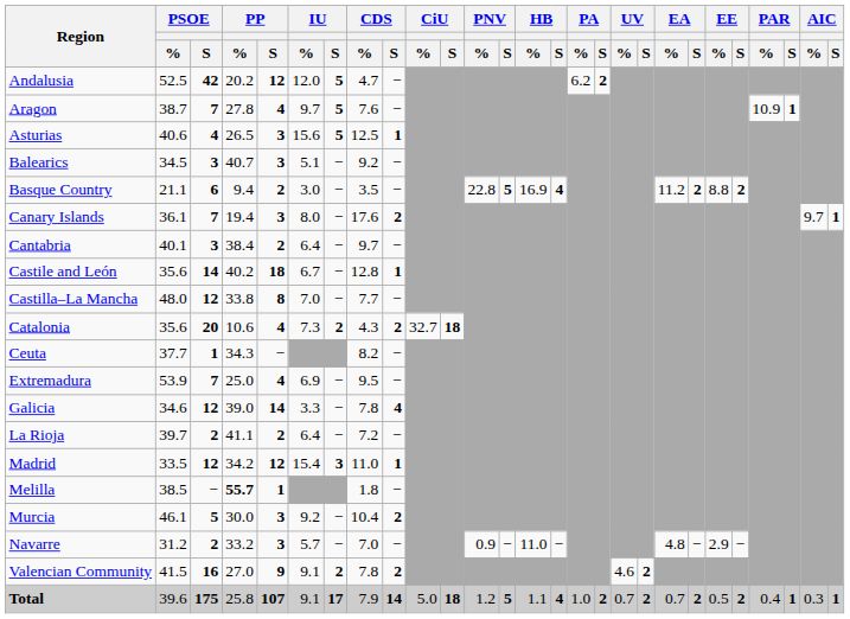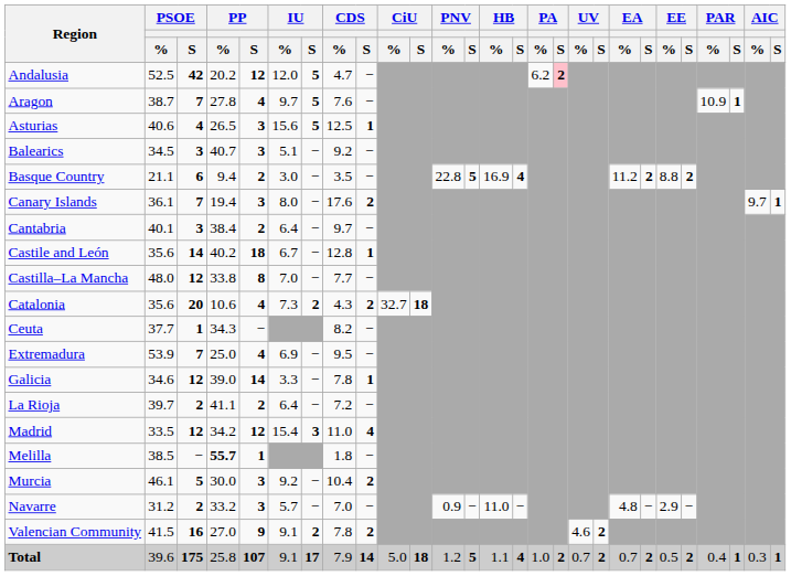 <table class="wikitable sortable" style="text-align:right; line-height:20px;">
 <tr>
 <th rowspan="3">Region</th>
 <th colspan="2" width="30px" class="unsortable"><a href='#'>PSOE</a></th>
 <th colspan="2" width="30px" class="unsortable"><a href='#'>PP</a></th>
 <th colspan="2" width="30px" class="unsortable"><a href='#'>IU</a></th>
 <th colspan="2" width="30px" class="unsortable"><a href='#'>CDS</a></th>
 <th colspan="2" width="30px" class="unsortable"><a href='#'>CiU</a></th>
 <th colspan="2" width="30px" class="unsortable"><a href='#'>PNV</a></th>
 <th colspan="2" width="30px" class="unsortable"><a href='#'>HB</a></th>
 <th colspan="2" width="30px" class="unsortable"><a href='#'>PA</a></th>
 <th colspan="2" width="30px" class="unsortable"><a href='#'>UV</a></th>
 <th colspan="2" width="30px" class="unsortable"><a href='#'>EA</a></th>
 <th colspan="2" width="30px" class="unsortable"><a href='#'>EE</a></th>
 <th colspan="2" width="30px" class="unsortable"><a href='#'>PAR</a></th>
 <th colspan="2" width="30px" class="unsortable"><a href='#'>AIC</a></th>
 </tr>
 <tr>
 <th colspan="2" style="background:"></th>
 <th colspan="2" style="background:"></th>
 <th colspan="2" style="background:"></th>
 <th colspan="2" style="background:"></th>
 <th colspan="2" style="background:"></th>
 <th colspan="2" style="background:"></th>
 <th colspan="2" style="background:"></th>
 <th colspan="2" style="background:"></th>
 <th colspan="2" style="background:"></th>
 <th colspan="2" style="background:"></th>
 <th colspan="2" style="background:"></th>
 <th colspan="2" style="background:"></th>
 <th colspan="2" style="background:"></th>
 </tr>
 <tr>
 <th data-sort-type="number">%</th>
 <th data-sort-type="number">S</th>
 <th data-sort-type="number">%</th>
 <th data-sort-type="number">S</th>
 <th data-sort-type="number">%</th>
 <th data-sort-type="number">S</th>
 <th data-sort-type="number">%</th>
 <th data-sort-type="number">S</th>
 <th data-sort-type="number">%</th>
 <th data-sort-type="number">S</th>
 <th data-sort-type="number">%</th>
 <th data-sort-type="number">S</th>
 <th data-sort-type="number">%</th>
 <th data-sort-type="number">S</th>
 <th data-sort-type="number">%</th>
 <th data-sort-type="number">S</th>
 <th data-sort-type="number">%</th>
 <th data-sort-type="number">S</th>
 <th data-sort-type="number">%</th>
 <th data-sort-type="number">S</th>
 <th data-sort-type="number">%</th>
 <th data-sort-type="number">S</th>
 <th data-sort-type="number">%</th>
 <th data-sort-type="number">S</th>
 <th data-sort-type="number">%</th>
 <th data-sort-type="number">S</th>
 </tr>
 <tr>
 <td align="left"><a href='#'>Andalusia</a></td>
 <td style="background:">52.5</td>
 <td><strong>42</strong></td>
 <td>20.2</td>
 <td><strong>12</strong></td>
 <td>12.0</td>
 <td><strong>5</strong></td>
 <td>4.7</td>
 <td>−</td>
 <td colspan="2" rowspan="9" bgcolor="#AAAAAA"></td>
 <td colspan="2" rowspan="4" bgcolor="#AAAAAA"></td>
 <td colspan="2" rowspan="4" bgcolor="#AAAAAA"></td>
 <td>6.2</td>
-<td><strong>2</strong></td>
+<td style="background: pink;"><strong>2</strong></td>
 <td colspan="2" rowspan="18" bgcolor="#AAAAAA"></td>
 <td colspan="2" rowspan="4" bgcolor="#AAAAAA"></td>
 <td colspan="2" rowspan="4" bgcolor="#AAAAAA"></td>
 <td colspan="2" bgcolor="#AAAAAA"></td>
 <td colspan="2" rowspan="5" bgcolor="#AAAAAA"></td>
 </tr>
 <tr>
 <td align="left"><a href='#'>Aragon</a></td>
 <td style="background:">38.7</td>
 <td><strong>7</strong></td>
 <td>27.8</td>
 <td><strong>4</strong></td>
 <td>9.7</td>
 <td><strong>5</strong></td>
 <td>7.6</td>
 <td>−</td>
 <td colspan="2" rowspan="18" bgcolor="#AAAAAA"></td>
 <td>10.9</td>
 <td><strong>1</strong></td>
 </tr>
 <tr>
 <td align="left"><a href='#'>Asturias</a></td>
 <td style="background:">40.6</td>
 <td><strong>4</strong></td>
 <td>26.5</td>
 <td><strong>3</strong></td>
 <td>15.6</td>
 <td><strong>5</strong></td>
 <td>12.5</td>
 <td><strong>1</strong></td>
 <td colspan="2" rowspan="17" bgcolor="#AAAAAA"></td>
 </tr>
 <tr>
 <td align="left"><a href='#'>Balearics</a></td>
 <td>34.5</td>
 <td><strong>3</strong></td>
 <td style="background:">40.7</td>
 <td><strong>3</strong></td>
 <td>5.1</td>
 <td>−</td>
 <td>9.2</td>
 <td>−</td>
 </tr>
 <tr>
 <td align="left"><a href='#'>Basque Country</a></td>
 <td>21.1</td>
 <td><strong>6</strong></td>
 <td>9.4</td>
 <td><strong>2</strong></td>
 <td>3.0</td>
 <td>−</td>
 <td>3.5</td>
 <td>−</td>
 <td style="background:">22.8</td>
 <td><strong>5</strong></td>
 <td>16.9</td>
 <td><strong>4</strong></td>
 <td>11.2</td>
 <td><strong>2</strong></td>
 <td>8.8</td>
 <td><strong>2</strong></td>
 </tr>
 <tr>
 <td align="left"><a href='#'>Canary Islands</a></td>
 <td style="background:">36.1</td>
 <td><strong>7</strong></td>
 <td>19.4</td>
 <td><strong>3</strong></td>
 <td>8.0</td>
 <td>−</td>
 <td>17.6</td>
 <td><strong>2</strong></td>
 <td colspan="2" rowspan="12" bgcolor="#AAAAAA"></td>
 <td colspan="2" rowspan="12" bgcolor="#AAAAAA"></td>
 <td colspan="2" rowspan="12" bgcolor="#AAAAAA"></td>
 <td colspan="2" rowspan="12" bgcolor="#AAAAAA"></td>
 <td>9.7</td>
 <td><strong>1</strong></td>
 </tr>
 <tr>
 <td align="left"><a href='#'>Cantabria</a></td>
 <td style="background:">40.1</td>
 <td><strong>3</strong></td>
 <td>38.4</td>
 <td><strong>2</strong></td>
 <td>6.4</td>
 <td>−</td>
 <td>9.7</td>
 <td>−</td>
 <td colspan="2" rowspan="13" bgcolor="#AAAAAA"></td>
 </tr>
 <tr>
 <td align="left"><a href='#'>Castile and León</a></td>
 <td>35.6</td>
 <td><strong>14</strong></td>
 <td style="background:">40.2</td>
 <td><strong>18</strong></td>
 <td>6.7</td>
 <td>−</td>
 <td>12.8</td>
 <td><strong>1</strong></td>
 </tr>
 <tr>
 <td align="left"><a href='#'>Castilla–La Mancha</a></td>
 <td style="background:">48.0</td>
 <td><strong>12</strong></td>
 <td>33.8</td>
 <td><strong>8</strong></td>
 <td>7.0</td>
 <td>−</td>
 <td>7.7</td>
 <td>−</td>
 </tr>
 <tr>
 <td align="left"><a href='#'>Catalonia</a></td>
 <td style="background:">35.6</td>
 <td><strong>20</strong></td>
 <td>10.6</td>
 <td><strong>4</strong></td>
 <td>7.3</td>
 <td><strong>2</strong></td>
 <td>4.3</td>
 <td><strong>2</strong></td>
 <td>32.7</td>
 <td><strong>18</strong></td>
 </tr>
 <tr>
 <td align="left"><a href='#'>Ceuta</a></td>
 <td style="background:">37.7</td>
 <td><strong>1</strong></td>
 <td>34.3</td>
 <td>−</td>
 <td colspan="2" bgcolor="#AAAAAA"></td>
 <td>8.2</td>
 <td>−</td>
 <td colspan="2" rowspan="9" bgcolor="#AAAAAA"></td>
 </tr>
 <tr>
 <td align="left"><a href='#'>Extremadura</a></td>
 <td style="background:">53.9</td>
 <td><strong>7</strong></td>
 <td>25.0</td>
 <td><strong>4</strong></td>
 <td>6.9</td>
 <td>−</td>
 <td>9.5</td>
 <td>−</td>
 </tr>
 <tr>
 <td align="left"><a href='#'>Galicia</a></td>
 <td>34.6</td>
 <td><strong>12</strong></td>
 <td style="background:">39.0</td>
 <td><strong>14</strong></td>
 <td>3.3</td>
 <td>−</td>
 <td>7.8</td>
-<td><strong>4</strong></td>
+<td><strong>1</strong></td>
 </tr>
 <tr>
 <td align="left"><a href='#'>La Rioja</a></td>
 <td>39.7</td>
 <td><strong>2</strong></td>
 <td style="background:">41.1</td>
 <td><strong>2</strong></td>
 <td>6.4</td>
 <td>−</td>
 <td>7.2</td>
 <td>−</td>
 </tr>
 <tr>
 <td align="left"><a href='#'>Madrid</a></td>
 <td>33.5</td>
 <td><strong>12</strong></td>
 <td style="background:">34.2</td>
 <td><strong>12</strong></td>
 <td>15.4</td>
 <td><strong>3</strong></td>
 <td>11.0</td>
-<td><strong>1</strong></td>
+<td><strong>4</strong></td>
 </tr>
 <tr>
 <td align="left"><a href='#'>Melilla</a></td>
 <td>38.5</td>
 <td>−</td>
 <td style="background:"><strong>55.7</strong></td>
 <td><strong>1</strong></td>
 <td colspan="2" bgcolor="#AAAAAA"></td>
 <td>1.8</td>
 <td>−</td>
 </tr>
 <tr>
 <td align="left"><a href='#'>Murcia</a></td>
 <td style="background:">46.1</td>
 <td><strong>5</strong></td>
 <td>30.0</td>
 <td><strong>3</strong></td>
 <td>9.2</td>
 <td>−</td>
 <td>10.4</td>
 <td><strong>2</strong></td>
 </tr>
 <tr>
 <td align="left"><a href='#'>Navarre</a></td>
 <td>31.2</td>
 <td><strong>2</strong></td>
 <td style="background:">33.2</td>
 <td><strong>3</strong></td>
 <td>5.7</td>
 <td>−</td>
 <td>7.0</td>
 <td>−</td>
 <td>0.9</td>
 <td>−</td>
 <td>11.0</td>
 <td>−</td>
 <td>4.8</td>
 <td>−</td>
 <td>2.9</td>
 <td>−</td>
 </tr>
 <tr>
 <td align="left"><a href='#'>Valencian Community</a></td>
 <td style="background:">41.5</td>
 <td><strong>16</strong></td>
 <td>27.0</td>
 <td><strong>9</strong></td>
 <td>9.1</td>
 <td><strong>2</strong></td>
 <td>7.8</td>
 <td><strong>2</strong></td>
 <td colspan="2" bgcolor="#AAAAAA"></td>
 <td colspan="2" bgcolor="#AAAAAA"></td>
 <td>4.6</td>
 <td><strong>2</strong></td>
 <td colspan="2" bgcolor="#AAAAAA"></td>
 <td colspan="2" bgcolor="#AAAAAA"></td>
 </tr>
 <tr style="background:#CDCDCD;">
 <td align="left"><strong>Total</strong></td>
 <td style="background:">39.6</td>
 <td><strong>175</strong></td>
 <td>25.8</td>
 <td><strong>107</strong></td>
 <td>9.1</td>
 <td><strong>17</strong></td>
 <td>7.9</td>
 <td><strong>14</strong></td>
 <td>5.0</td>
 <td><strong>18</strong></td>
 <td>1.2</td>
 <td><strong>5</strong></td>
 <td>1.1</td>
 <td><strong>4</strong></td>
 <td>1.0</td>
 <td><strong>2</strong></td>
 <td>0.7</td>
 <td><strong>2</strong></td>
 <td>0.7</td>
 <td><strong>2</strong></td>
 <td>0.5</td>
 <td><strong>2</strong></td>
 <td>0.4</td>
 <td><strong>1</strong></td>
 <td>0.3</td>
 <td><strong>1</strong></td>
 </tr>
 </table>
